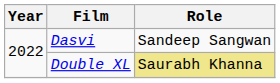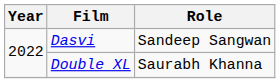 <table class="wikitable sortable">
 <tr>
 <th>Year</th>
 <th>Film</th>
 <th>Role</th>
 </tr>
 <tr>
 <td rowspan = "2">2022</td>
 <td><em><a href='#'>Dasvi</a></em></td>
 <td>Sandeep Sangwan</td>
 </tr>
 <tr>
 <td><em><a href='#'>Double XL</a></em></td>
-<td style="background: khaki;">Saurabh Khanna</td>
+<td>Saurabh Khanna</td>
 </tr>
 <tr>
 </tr>
 </table>
